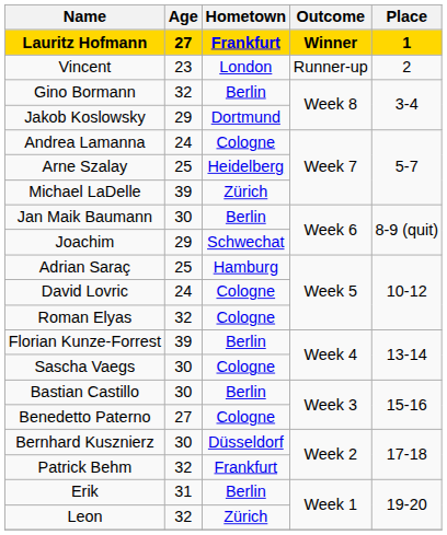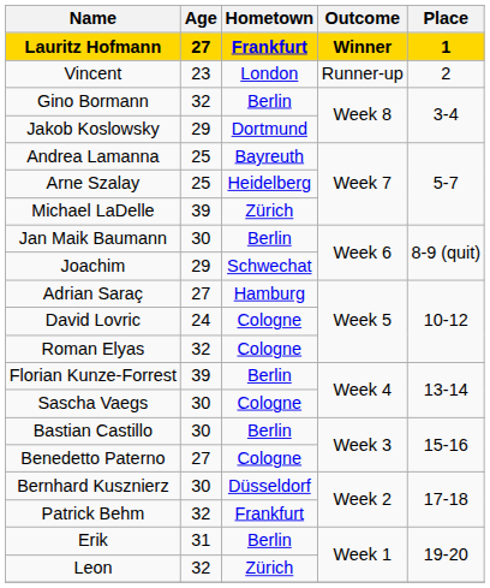 <table class="wikitable sortable" style="text-align:center;">
 <tr>
 <th>Name</th>
 <th>Age</th>
 <th>Hometown</th>
 <th>Outcome</th>
 <th>Place</th>
 </tr>
 <tr bgcolor="gold"|>
 <td><strong>Lauritz Hofmann</strong></td>
 <td><strong>27</strong></td>
 <td><strong><a href='#'>Frankfurt</a></strong></td>
 <td><strong>Winner</strong></td>
 <td><strong>1</strong></td>
 </tr>
 <tr>
 <td>Vincent</td>
 <td>23</td>
 <td><a href='#'>London</a></td>
 <td>Runner-up</td>
 <td>2</td>
 </tr>
 <tr>
 <td>Gino Bormann</td>
 <td>32</td>
 <td><a href='#'>Berlin</a></td>
 <td rowspan="2">Week 8</td>
 <td rowspan="2">3-4</td>
 </tr>
 <tr>
 <td>Jakob Koslowsky</td>
 <td>29</td>
 <td><a href='#'>Dortmund</a></td>
 </tr>
 <tr>
 <td>Andrea Lamanna</td>
-<td>24</td>
-<td><a href='#'>Cologne</a></td>
+<td>25</td>
+<td><a href='#'>Bayreuth</a></td>
 <td rowspan="3">Week 7</td>
 <td rowspan="3">5-7</td>
 </tr>
 <tr>
 <td>Arne Szalay</td>
 <td>25</td>
 <td><a href='#'>Heidelberg</a></td>
 </tr>
 <tr>
 <td>Michael LaDelle</td>
 <td>39</td>
 <td><a href='#'>Zürich</a></td>
 </tr>
 <tr>
 <td>Jan Maik Baumann</td>
 <td>30</td>
 <td><a href='#'>Berlin</a></td>
 <td rowspan="2">Week 6</td>
 <td rowspan="2">8-9 (quit)</td>
 </tr>
 <tr>
 <td>Joachim</td>
 <td>29</td>
 <td><a href='#'>Schwechat</a></td>
 </tr>
 <tr>
 <td>Adrian Saraç</td>
-<td>25</td>
+<td>27</td>
 <td><a href='#'>Hamburg</a></td>
 <td rowspan="3">Week 5</td>
 <td rowspan="3">10-12</td>
 </tr>
 <tr>
 <td>David Lovric</td>
 <td>24</td>
 <td><a href='#'>Cologne</a></td>
 </tr>
 <tr>
 <td>Roman Elyas</td>
 <td>32</td>
 <td><a href='#'>Cologne</a></td>
 </tr>
 <tr>
 <td>Florian Kunze-Forrest</td>
 <td>39</td>
 <td><a href='#'>Berlin</a></td>
 <td rowspan="2">Week 4</td>
 <td rowspan="2">13-14</td>
 </tr>
 <tr>
 <td>Sascha Vaegs</td>
 <td>30</td>
 <td><a href='#'>Cologne</a></td>
 </tr>
 <tr>
 <td>Bastian Castillo</td>
 <td>30</td>
 <td><a href='#'>Berlin</a></td>
 <td rowspan="2">Week 3</td>
 <td rowspan="2">15-16</td>
 </tr>
 <tr>
 <td>Benedetto Paterno</td>
 <td>27</td>
 <td><a href='#'>Cologne</a></td>
 </tr>
 <tr>
 <td>Bernhard Kusznierz</td>
 <td>30</td>
 <td><a href='#'>Düsseldorf</a></td>
 <td rowspan="2">Week 2</td>
 <td rowspan="2">17-18</td>
 </tr>
 <tr>
 <td>Patrick Behm</td>
 <td>32</td>
 <td><a href='#'>Frankfurt</a></td>
 </tr>
 <tr>
 <td>Erik</td>
 <td>31</td>
 <td><a href='#'>Berlin</a></td>
 <td rowspan="2">Week 1</td>
 <td rowspan="2">19-20</td>
 </tr>
 <tr>
 <td>Leon</td>
 <td>32</td>
 <td><a href='#'>Zürich</a></td>
 </tr>
 <tr>
 </tr>
 </table>
